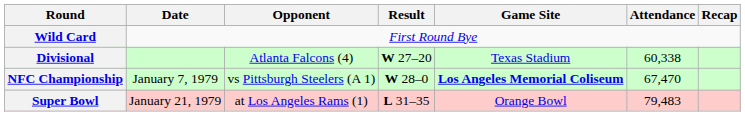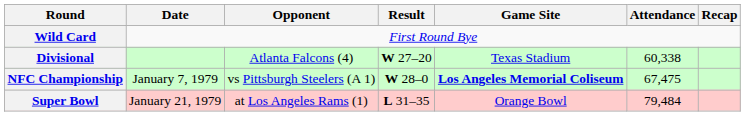 <table class="wikitable" style="text-align:center">
 <tr>
 <th>Round</th>
 <th>Date</th>
 <th>Opponent</th>
 <th>Result</th>
 <th>Game Site</th>
 <th>Attendance</th>
 <th>Recap</th>
 </tr>
 <tr>
 <th><a href='#'>Wild Card</a></th>
 <td colspan=7><em><a href='#'>First Round Bye</a></em></td>
 </tr>
 <tr style="background: #cfc">
 <th><a href='#'>Divisional</a></th>
 <td></td>
 <td><a href='#'>Atlanta Falcons</a> (4)</td>
 <td><strong>W</strong> 27–20</td>
 <td><a href='#'>Texas Stadium</a></td>
 <td>60,338</td>
 <td></td>
 </tr>
 <tr style="background: #cfc">
 <th><a href='#'>NFC Championship</a></th>
 <td>January 7, 1979</td>
 <td>vs <a href='#'>Pittsburgh Steelers</a> (A 1)</td>
 <td><strong>W</strong> 28–0</td>
 <td><strong><a href='#'>Los Angeles Memorial Coliseum</a></strong></td>
-<td>67,470</td>
+<td>67,475</td>
 <td></td>
 </tr>
 <tr style="background: #fcc">
 <th><a href='#'>Super Bowl</a></th>
 <td>January 21, 1979</td>
 <td>at <a href='#'>Los Angeles Rams</a> (1)</td>
 <td><strong>L</strong> 31–35</td>
 <td><a href='#'>Orange Bowl</a></td>
-<td>79,483</td>
+<td>79,484</td>
 <td></td>
 </tr>
 </table>
